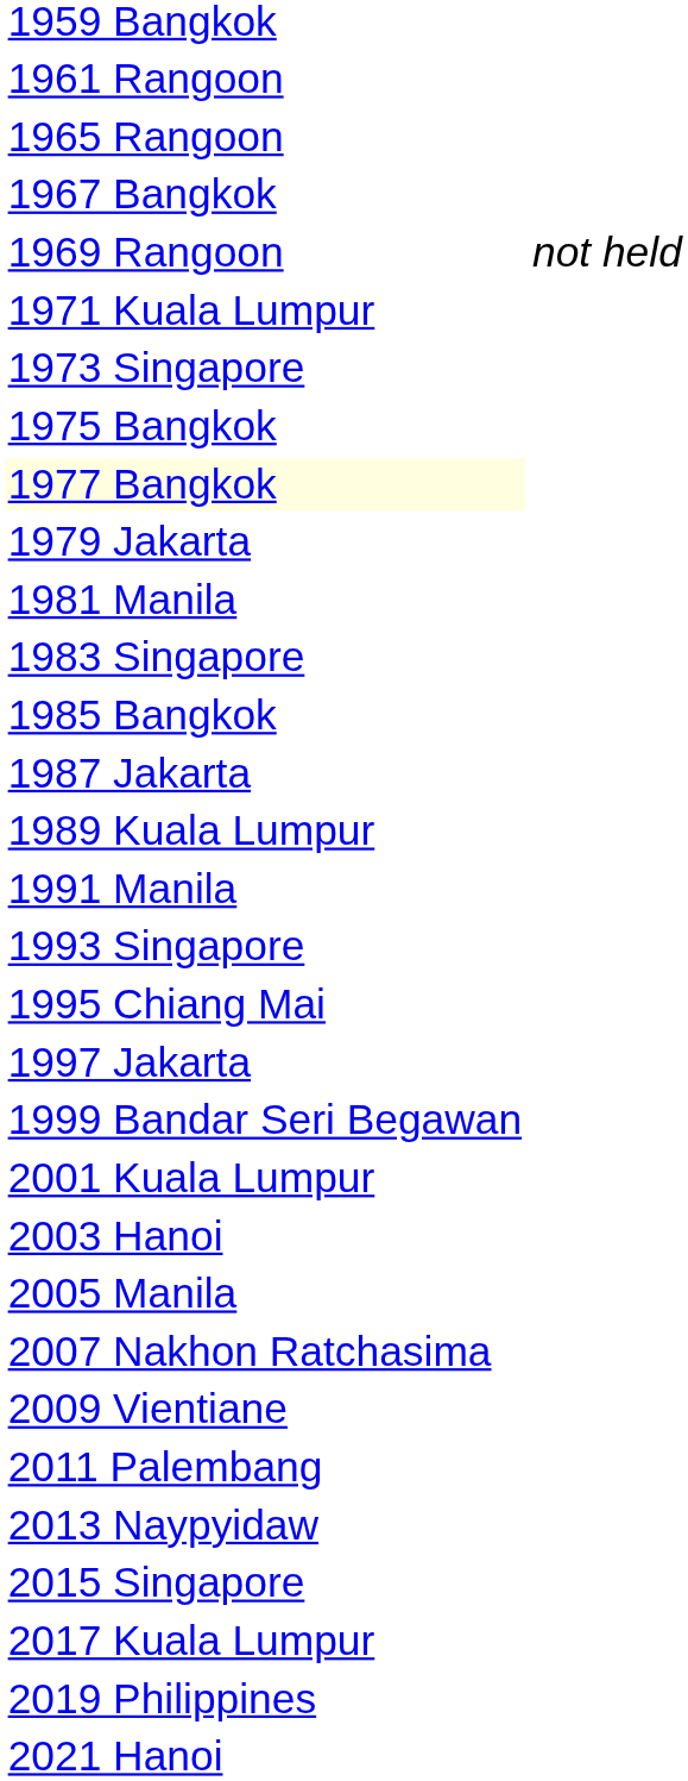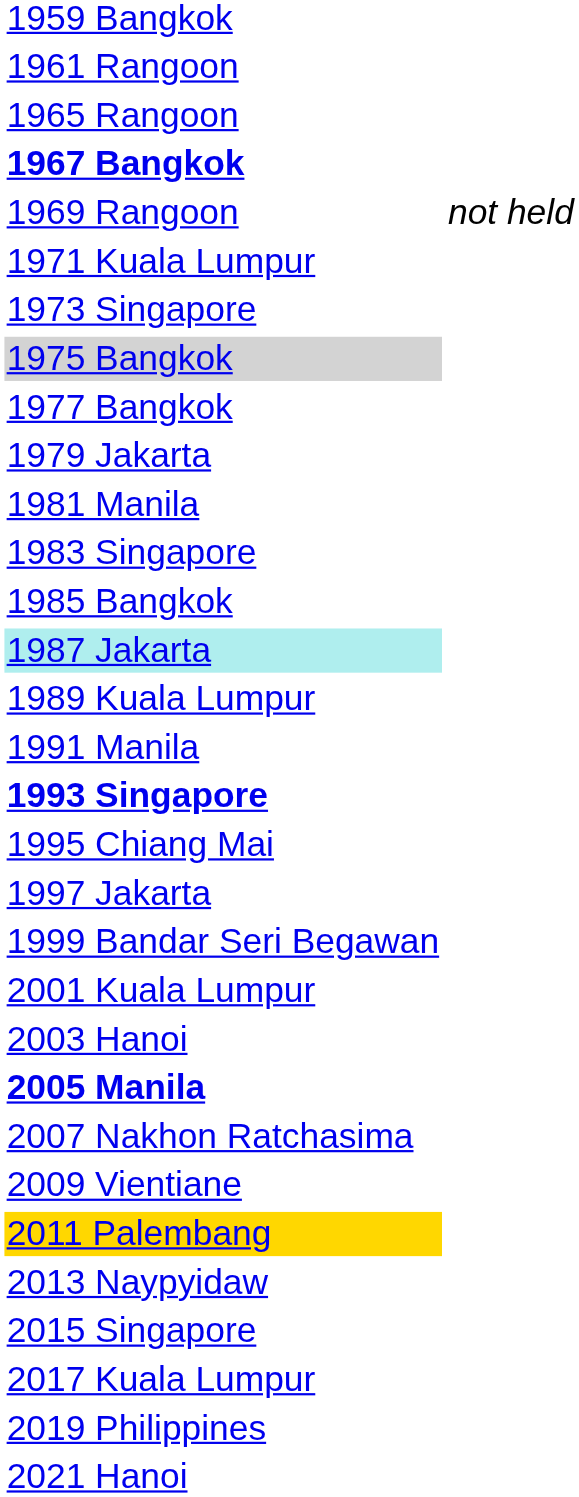 <table>
 <tr>
 <td><a href='#'>1959 Bangkok</a></td>
 <td></td>
 <td></td>
 <td></td>
 </tr>
 <tr>
 <td><a href='#'>1961 Rangoon</a></td>
 <td></td>
 <td></td>
 <td></td>
 </tr>
 <tr>
 <td><a href='#'>1965 Rangoon</a></td>
 <td></td>
 <td></td>
 <td></td>
 </tr>
 <tr>
-<td><a href='#'>1967 Bangkok</a></td>
+<td><strong><a href='#'>1967 Bangkok</a></strong></td>
 <td></td>
 <td></td>
 <td></td>
 </tr>
 <tr>
 <td><a href='#'>1969 Rangoon</a></td>
 <td colspan=3><em>not held</em></td>
 </tr>
 <tr>
 <td><a href='#'>1971 Kuala Lumpur</a></td>
 <td></td>
 <td></td>
 <td></td>
 </tr>
 <tr>
 <td><a href='#'>1973 Singapore</a></td>
 <td></td>
 <td></td>
 <td></td>
 </tr>
 <tr>
-<td><a href='#'>1975 Bangkok</a></td>
+<td style="background: lightgrey;"><a href='#'>1975 Bangkok</a></td>
 <td></td>
 <td></td>
 <td></td>
 </tr>
 <tr>
-<td style="background: lightyellow;"><a href='#'>1977 Bangkok</a></td>
+<td><a href='#'>1977 Bangkok</a></td>
 <td></td>
 <td></td>
 <td></td>
 </tr>
 <tr>
 <td><a href='#'>1979 Jakarta</a></td>
 <td></td>
 <td></td>
 <td></td>
 </tr>
 <tr>
 <td><a href='#'>1981 Manila</a></td>
 <td></td>
 <td></td>
 <td></td>
 </tr>
 <tr>
 <td><a href='#'>1983 Singapore</a></td>
 <td></td>
 <td></td>
 <td></td>
 </tr>
 <tr>
 <td><a href='#'>1985 Bangkok</a></td>
 <td></td>
 <td></td>
 <td></td>
 </tr>
 <tr>
-<td><a href='#'>1987 Jakarta</a></td>
+<td style="background: paleturquoise;"><a href='#'>1987 Jakarta</a></td>
 <td></td>
 <td></td>
 <td></td>
 </tr>
 <tr>
 <td><a href='#'>1989 Kuala Lumpur</a></td>
 <td></td>
 <td></td>
 <td></td>
 </tr>
 <tr>
 <td><a href='#'>1991 Manila</a></td>
 <td></td>
 <td></td>
 <td></td>
 </tr>
 <tr>
-<td><a href='#'>1993 Singapore</a></td>
+<td><strong><a href='#'>1993 Singapore</a></strong></td>
 <td></td>
 <td></td>
 <td></td>
 </tr>
 <tr>
 <td><a href='#'>1995 Chiang Mai</a></td>
 <td></td>
 <td></td>
 <td></td>
 </tr>
 <tr>
 <td><a href='#'>1997 Jakarta</a></td>
 <td></td>
 <td></td>
 <td></td>
 </tr>
 <tr>
 <td><a href='#'>1999 Bandar Seri Begawan</a></td>
 <td></td>
 <td></td>
 <td></td>
 </tr>
 <tr>
 <td><a href='#'>2001 Kuala Lumpur</a></td>
 <td></td>
 <td></td>
 <td></td>
 </tr>
 <tr>
 <td><a href='#'>2003 Hanoi</a></td>
 <td></td>
 <td></td>
 <td></td>
 </tr>
 <tr>
-<td><a href='#'>2005 Manila</a></td>
+<td><strong><a href='#'>2005 Manila</a></strong></td>
 <td></td>
 <td></td>
 <td></td>
 </tr>
 <tr>
 <td><a href='#'>2007 Nakhon Ratchasima</a></td>
 <td></td>
 <td></td>
 <td></td>
 </tr>
 <tr>
 <td><a href='#'>2009 Vientiane</a></td>
 <td></td>
 <td></td>
 <td></td>
 </tr>
 <tr>
-<td><a href='#'>2011 Palembang</a></td>
+<td style="background: gold;"><a href='#'>2011 Palembang</a></td>
 <td></td>
 <td></td>
 <td></td>
 </tr>
 <tr>
 <td><a href='#'>2013 Naypyidaw</a></td>
 <td></td>
 <td></td>
 <td></td>
 </tr>
 <tr>
 <td><a href='#'>2015 Singapore</a></td>
 <td></td>
 <td></td>
 <td></td>
 </tr>
 <tr>
 <td><a href='#'>2017 Kuala Lumpur</a></td>
 <td></td>
 <td></td>
 <td></td>
 </tr>
 <tr>
 <td><a href='#'>2019 Philippines</a></td>
 <td></td>
 <td></td>
 <td></td>
 </tr>
 <tr>
 <td><a href='#'>2021 Hanoi</a></td>
 <td></td>
 <td></td>
 <td></td>
 </tr>
 <tr>
 </tr>
 </table>
